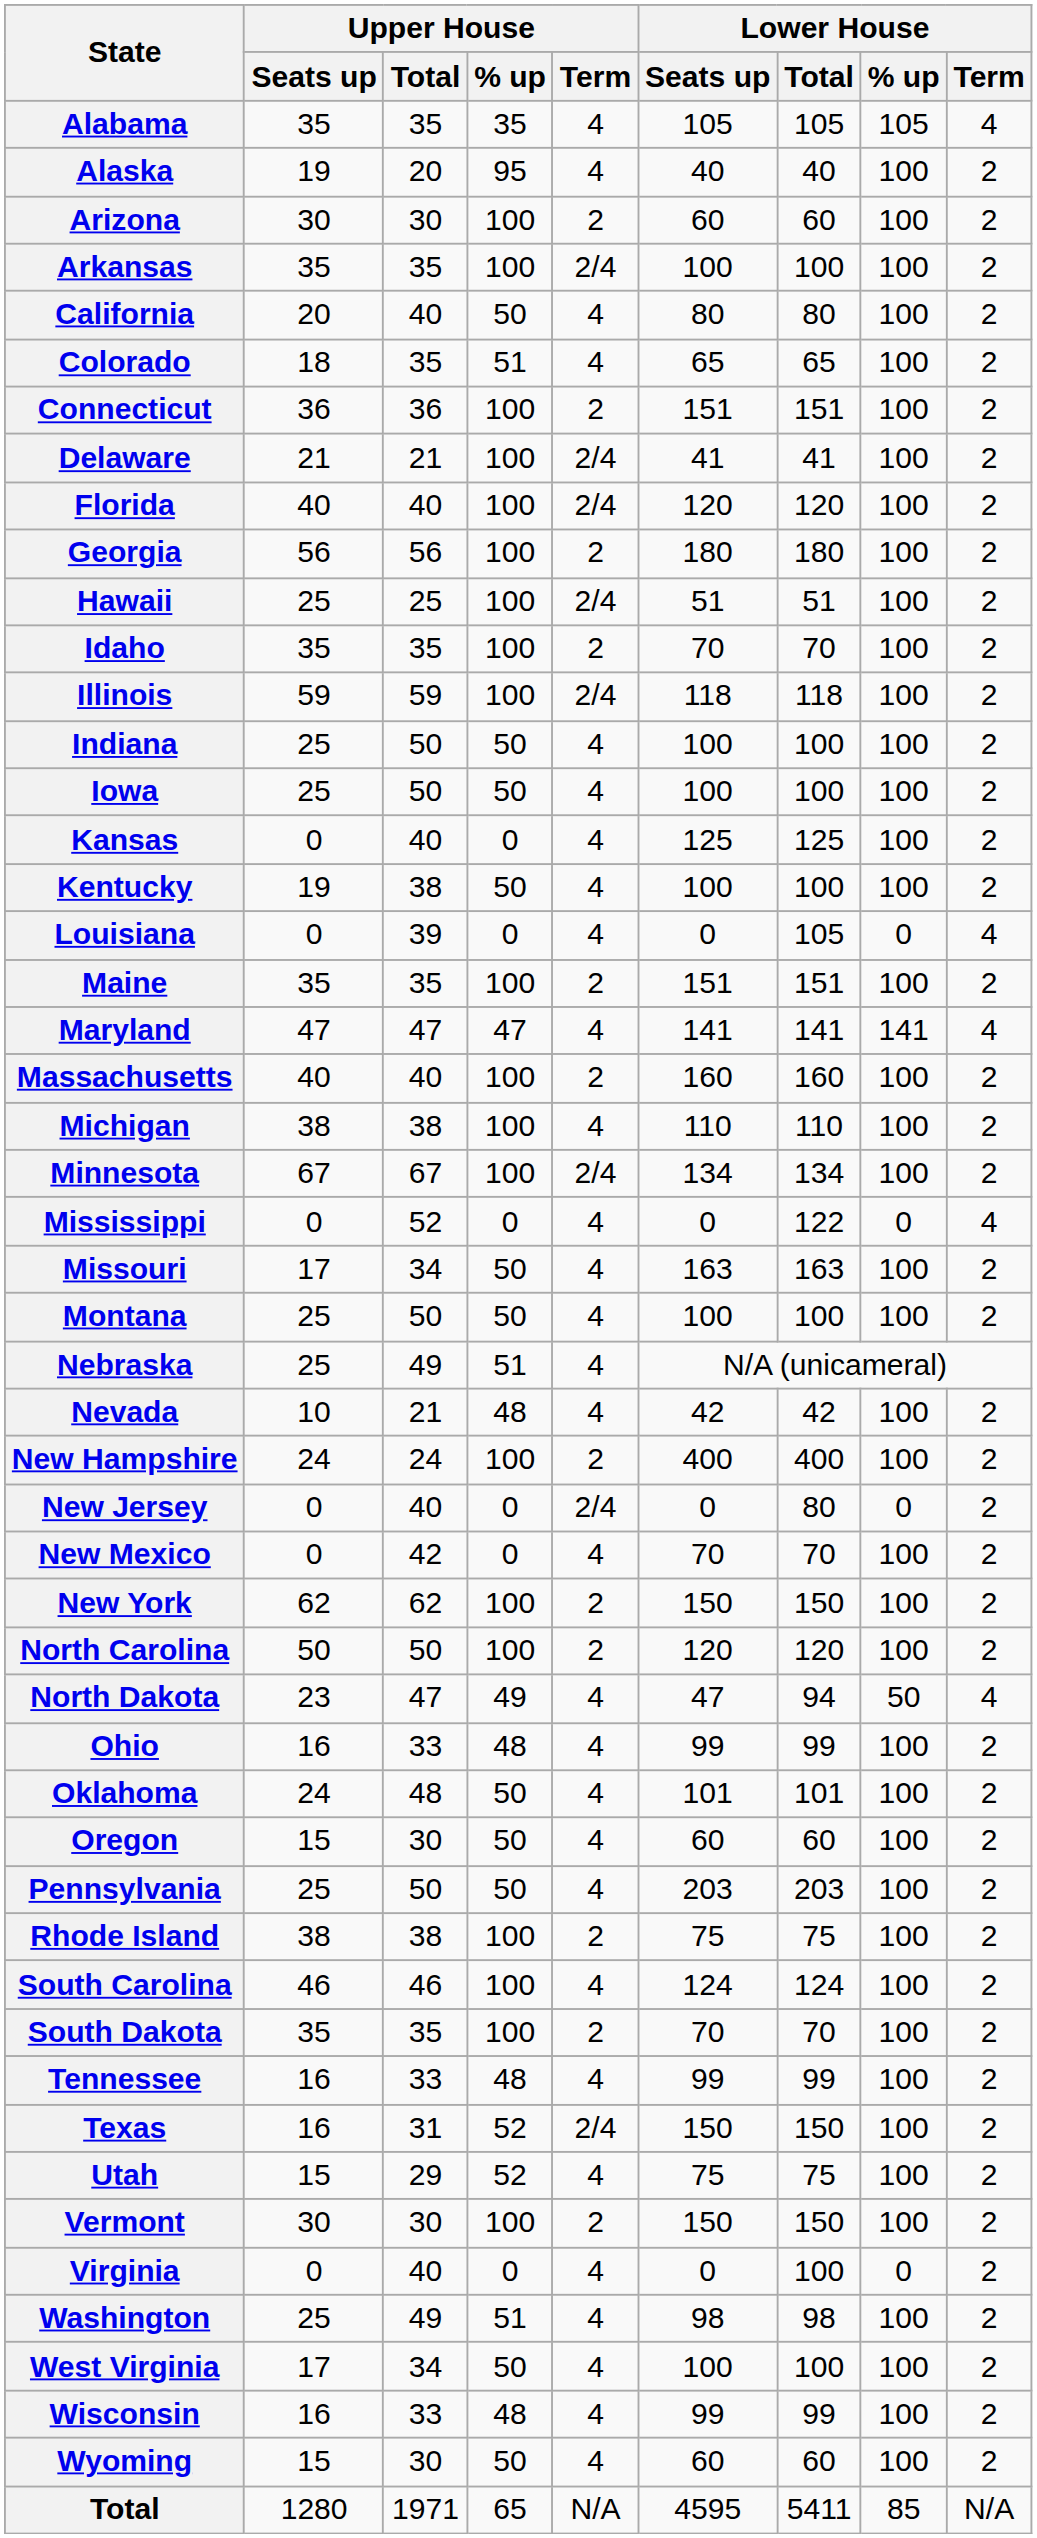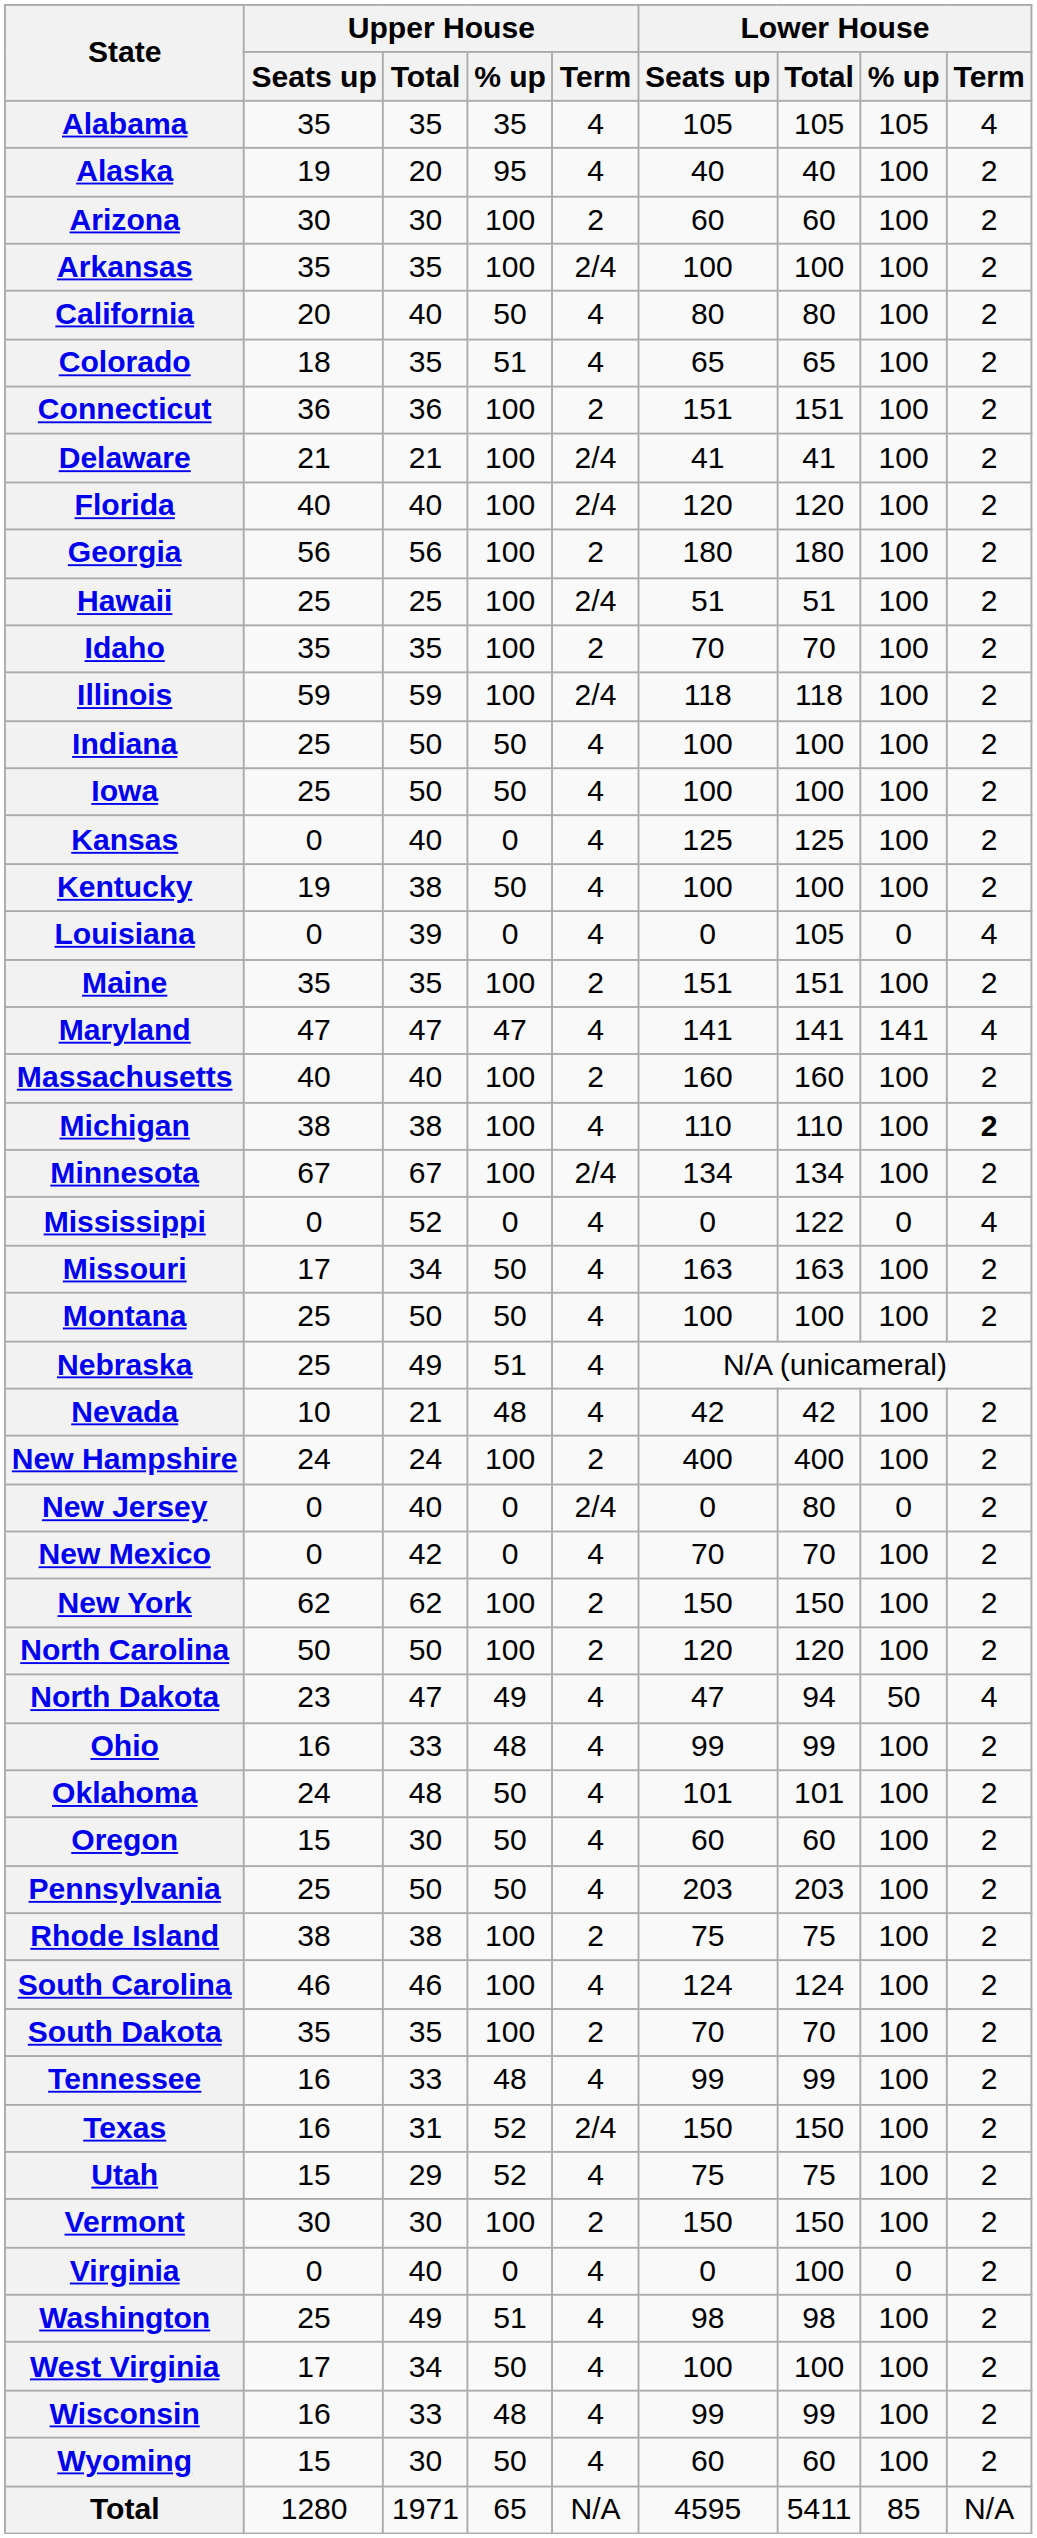 <table class="wikitable sortable plainrowheaders" style="text-align: center;">
 <tr>
 <th rowspan=2>State</th>
 <th colspan=4>Upper House</th>
 <th colspan=4>Lower House</th>
 </tr>
 <tr>
 <th>Seats up</th>
 <th>Total</th>
 <th>% up</th>
 <th>Term</th>
 <th>Seats up</th>
 <th>Total</th>
 <th>% up</th>
 <th>Term</th>
 </tr>
 <tr>
 <th scope="row"><a href='#'>Alabama</a></th>
 <td>35</td>
 <td>35</td>
 <td>35</td>
 <td>4</td>
 <td>105</td>
 <td>105</td>
 <td>105</td>
 <td>4</td>
 </tr>
 <tr>
 <th scope="row"><a href='#'>Alaska</a></th>
 <td>19</td>
 <td>20</td>
 <td>95</td>
 <td>4</td>
 <td>40</td>
 <td>40</td>
 <td>100</td>
 <td>2</td>
 </tr>
 <tr>
 <th scope="row"><a href='#'>Arizona</a></th>
 <td>30</td>
 <td>30</td>
 <td>100</td>
 <td>2</td>
 <td>60</td>
 <td>60</td>
 <td>100</td>
 <td>2</td>
 </tr>
 <tr>
 <th scope="row"><a href='#'>Arkansas</a></th>
 <td>35</td>
 <td>35</td>
 <td>100</td>
 <td>2/4</td>
 <td>100</td>
 <td>100</td>
 <td>100</td>
 <td>2</td>
 </tr>
 <tr>
 <th scope="row"><a href='#'>California</a></th>
 <td>20</td>
 <td>40</td>
 <td>50</td>
 <td>4</td>
 <td>80</td>
 <td>80</td>
 <td>100</td>
 <td>2</td>
 </tr>
 <tr>
 <th scope="row"><a href='#'>Colorado</a></th>
 <td>18</td>
 <td>35</td>
 <td>51</td>
 <td>4</td>
 <td>65</td>
 <td>65</td>
 <td>100</td>
 <td>2</td>
 </tr>
 <tr>
 <th scope="row"><a href='#'>Connecticut</a></th>
 <td>36</td>
 <td>36</td>
 <td>100</td>
 <td>2</td>
 <td>151</td>
 <td>151</td>
 <td>100</td>
 <td>2</td>
 </tr>
 <tr>
 <th scope="row"><a href='#'>Delaware</a></th>
 <td>21</td>
 <td>21</td>
 <td>100</td>
 <td>2/4</td>
 <td>41</td>
 <td>41</td>
 <td>100</td>
 <td>2</td>
 </tr>
 <tr>
 <th scope="row"><a href='#'>Florida</a></th>
 <td>40</td>
 <td>40</td>
 <td>100</td>
 <td>2/4</td>
 <td>120</td>
 <td>120</td>
 <td>100</td>
 <td>2</td>
 </tr>
 <tr>
 <th scope="row"><a href='#'>Georgia</a></th>
 <td>56</td>
 <td>56</td>
 <td>100</td>
 <td>2</td>
 <td>180</td>
 <td>180</td>
 <td>100</td>
 <td>2</td>
 </tr>
 <tr>
 <th scope="row"><a href='#'>Hawaii</a></th>
 <td>25</td>
 <td>25</td>
 <td>100</td>
 <td>2/4</td>
 <td>51</td>
 <td>51</td>
 <td>100</td>
 <td>2</td>
 </tr>
 <tr>
 <th scope="row"><a href='#'>Idaho</a></th>
 <td>35</td>
 <td>35</td>
 <td>100</td>
 <td>2</td>
 <td>70</td>
 <td>70</td>
 <td>100</td>
 <td>2</td>
 </tr>
 <tr>
 <th scope="row"><a href='#'>Illinois</a></th>
 <td>59</td>
 <td>59</td>
 <td>100</td>
 <td>2/4</td>
 <td>118</td>
 <td>118</td>
 <td>100</td>
 <td>2</td>
 </tr>
 <tr>
 <th scope="row"><a href='#'>Indiana</a></th>
 <td>25</td>
 <td>50</td>
 <td>50</td>
 <td>4</td>
 <td>100</td>
 <td>100</td>
 <td>100</td>
 <td>2</td>
 </tr>
 <tr>
 <th scope="row"><a href='#'>Iowa</a></th>
 <td>25</td>
 <td>50</td>
 <td>50</td>
 <td>4</td>
 <td>100</td>
 <td>100</td>
 <td>100</td>
 <td>2</td>
 </tr>
 <tr>
 <th scope="row"><a href='#'>Kansas</a></th>
 <td>0</td>
 <td>40</td>
 <td>0</td>
 <td>4</td>
 <td>125</td>
 <td>125</td>
 <td>100</td>
 <td>2</td>
 </tr>
 <tr>
 <th scope="row"><a href='#'>Kentucky</a></th>
 <td>19</td>
 <td>38</td>
 <td>50</td>
 <td>4</td>
 <td>100</td>
 <td>100</td>
 <td>100</td>
 <td>2</td>
 </tr>
 <tr>
 <th scope="row"><a href='#'>Louisiana</a></th>
 <td>0</td>
 <td>39</td>
 <td>0</td>
 <td>4</td>
 <td>0</td>
 <td>105</td>
 <td>0</td>
 <td>4</td>
 </tr>
 <tr>
 <th scope="row"><a href='#'>Maine</a></th>
 <td>35</td>
 <td>35</td>
 <td>100</td>
 <td>2</td>
 <td>151</td>
 <td>151</td>
 <td>100</td>
 <td>2</td>
 </tr>
 <tr>
 <th scope="row"><a href='#'>Maryland</a></th>
 <td>47</td>
 <td>47</td>
 <td>47</td>
 <td>4</td>
 <td>141</td>
 <td>141</td>
 <td>141</td>
 <td>4</td>
 </tr>
 <tr>
 <th scope="row"><a href='#'>Massachusetts</a></th>
 <td>40</td>
 <td>40</td>
 <td>100</td>
 <td>2</td>
 <td>160</td>
 <td>160</td>
 <td>100</td>
 <td>2</td>
 </tr>
 <tr>
 <th scope="row"><a href='#'>Michigan</a></th>
 <td>38</td>
 <td>38</td>
 <td>100</td>
 <td>4</td>
 <td>110</td>
 <td>110</td>
 <td>100</td>
-<td>2</td>
+<td><strong>2</strong></td>
 </tr>
 <tr>
 <th scope="row"><a href='#'>Minnesota</a></th>
 <td>67</td>
 <td>67</td>
 <td>100</td>
 <td>2/4</td>
 <td>134</td>
 <td>134</td>
 <td>100</td>
 <td>2</td>
 </tr>
 <tr>
 <th scope="row"><a href='#'>Mississippi</a></th>
 <td>0</td>
 <td>52</td>
 <td>0</td>
 <td>4</td>
 <td>0</td>
 <td>122</td>
 <td>0</td>
 <td>4</td>
 </tr>
 <tr>
 <th scope="row"><a href='#'>Missouri</a></th>
 <td>17</td>
 <td>34</td>
 <td>50</td>
 <td>4</td>
 <td>163</td>
 <td>163</td>
 <td>100</td>
 <td>2</td>
 </tr>
 <tr>
 <th scope="row"><a href='#'>Montana</a></th>
 <td>25</td>
 <td>50</td>
 <td>50</td>
 <td>4</td>
 <td>100</td>
 <td>100</td>
 <td>100</td>
 <td>2</td>
 </tr>
 <tr>
 <th scope="row"><a href='#'>Nebraska</a></th>
 <td>25</td>
 <td>49</td>
 <td>51</td>
 <td>4</td>
 <td colspan=4>N/A (unicameral)</td>
 </tr>
 <tr>
 <th scope="row"><a href='#'>Nevada</a></th>
 <td>10</td>
 <td>21</td>
 <td>48</td>
 <td>4</td>
 <td>42</td>
 <td>42</td>
 <td>100</td>
 <td>2</td>
 </tr>
 <tr>
 <th scope="row"><a href='#'>New Hampshire</a></th>
 <td>24</td>
 <td>24</td>
 <td>100</td>
 <td>2</td>
 <td>400</td>
 <td>400</td>
 <td>100</td>
 <td>2</td>
 </tr>
 <tr>
 <th scope="row"><a href='#'>New Jersey</a></th>
 <td>0</td>
 <td>40</td>
 <td>0</td>
 <td>2/4</td>
 <td>0</td>
 <td>80</td>
 <td>0</td>
 <td>2</td>
 </tr>
 <tr>
 <th scope="row"><a href='#'>New Mexico</a></th>
 <td>0</td>
 <td>42</td>
 <td>0</td>
 <td>4</td>
 <td>70</td>
 <td>70</td>
 <td>100</td>
 <td>2</td>
 </tr>
 <tr>
 <th scope="row"><a href='#'>New York</a></th>
 <td>62</td>
 <td>62</td>
 <td>100</td>
 <td>2</td>
 <td>150</td>
 <td>150</td>
 <td>100</td>
 <td>2</td>
 </tr>
 <tr>
 <th scope="row"><a href='#'>North Carolina</a></th>
 <td>50</td>
 <td>50</td>
 <td>100</td>
 <td>2</td>
 <td>120</td>
 <td>120</td>
 <td>100</td>
 <td>2</td>
 </tr>
 <tr>
 <th scope="row"><a href='#'>North Dakota</a></th>
 <td>23</td>
 <td>47</td>
 <td>49</td>
 <td>4</td>
 <td>47</td>
 <td>94</td>
 <td>50</td>
 <td>4</td>
 </tr>
 <tr>
 <th scope="row"><a href='#'>Ohio</a></th>
 <td>16</td>
 <td>33</td>
 <td>48</td>
 <td>4</td>
 <td>99</td>
 <td>99</td>
 <td>100</td>
 <td>2</td>
 </tr>
 <tr>
 <th scope="row"><a href='#'>Oklahoma</a></th>
 <td>24</td>
 <td>48</td>
 <td>50</td>
 <td>4</td>
 <td>101</td>
 <td>101</td>
 <td>100</td>
 <td>2</td>
 </tr>
 <tr>
 <th scope="row"><a href='#'>Oregon</a></th>
 <td>15</td>
 <td>30</td>
 <td>50</td>
 <td>4</td>
 <td>60</td>
 <td>60</td>
 <td>100</td>
 <td>2</td>
 </tr>
 <tr>
 <th scope="row"><a href='#'>Pennsylvania</a></th>
 <td>25</td>
 <td>50</td>
 <td>50</td>
 <td>4</td>
 <td>203</td>
 <td>203</td>
 <td>100</td>
 <td>2</td>
 </tr>
 <tr>
 <th scope="row"><a href='#'>Rhode Island</a></th>
 <td>38</td>
 <td>38</td>
 <td>100</td>
 <td>2</td>
 <td>75</td>
 <td>75</td>
 <td>100</td>
 <td>2</td>
 </tr>
 <tr>
 <th scope="row"><a href='#'>South Carolina</a></th>
 <td>46</td>
 <td>46</td>
 <td>100</td>
 <td>4</td>
 <td>124</td>
 <td>124</td>
 <td>100</td>
 <td>2</td>
 </tr>
 <tr>
 <th scope="row"><a href='#'>South Dakota</a></th>
 <td>35</td>
 <td>35</td>
 <td>100</td>
 <td>2</td>
 <td>70</td>
 <td>70</td>
 <td>100</td>
 <td>2</td>
 </tr>
 <tr>
 <th scope="row"><a href='#'>Tennessee</a></th>
 <td>16</td>
 <td>33</td>
 <td>48</td>
 <td>4</td>
 <td>99</td>
 <td>99</td>
 <td>100</td>
 <td>2</td>
 </tr>
 <tr>
 <th scope="row"><a href='#'>Texas</a></th>
 <td>16</td>
 <td>31</td>
 <td>52</td>
 <td>2/4</td>
 <td>150</td>
 <td>150</td>
 <td>100</td>
 <td>2</td>
 </tr>
 <tr>
 <th scope="row"><a href='#'>Utah</a></th>
 <td>15</td>
 <td>29</td>
 <td>52</td>
 <td>4</td>
 <td>75</td>
 <td>75</td>
 <td>100</td>
 <td>2</td>
 </tr>
 <tr>
 <th scope="row"><a href='#'>Vermont</a></th>
 <td>30</td>
 <td>30</td>
 <td>100</td>
 <td>2</td>
 <td>150</td>
 <td>150</td>
 <td>100</td>
 <td>2</td>
 </tr>
 <tr>
 <th scope="row"><a href='#'>Virginia</a></th>
 <td>0</td>
 <td>40</td>
 <td>0</td>
 <td>4</td>
 <td>0</td>
 <td>100</td>
 <td>0</td>
 <td>2</td>
 </tr>
 <tr>
 <th scope="row"><a href='#'>Washington</a></th>
 <td>25</td>
 <td>49</td>
 <td>51</td>
 <td>4</td>
 <td>98</td>
 <td>98</td>
 <td>100</td>
 <td>2</td>
 </tr>
 <tr>
 <th scope="row"><a href='#'>West Virginia</a></th>
 <td>17</td>
 <td>34</td>
 <td>50</td>
 <td>4</td>
 <td>100</td>
 <td>100</td>
 <td>100</td>
 <td>2</td>
 </tr>
 <tr>
 <th scope="row"><a href='#'>Wisconsin</a></th>
 <td>16</td>
 <td>33</td>
 <td>48</td>
 <td>4</td>
 <td>99</td>
 <td>99</td>
 <td>100</td>
 <td>2</td>
 </tr>
 <tr>
 <th scope="row"><a href='#'>Wyoming</a></th>
 <td>15</td>
 <td>30</td>
 <td>50</td>
 <td>4</td>
 <td>60</td>
 <td>60</td>
 <td>100</td>
 <td>2</td>
 </tr>
 <tr class="sortbottom" |>
 <th scope="row">Total</th>
 <td>1280</td>
 <td>1971</td>
 <td>65</td>
 <td>N/A</td>
 <td>4595</td>
 <td>5411</td>
 <td>85</td>
 <td>N/A</td>
 </tr>
 </table>
